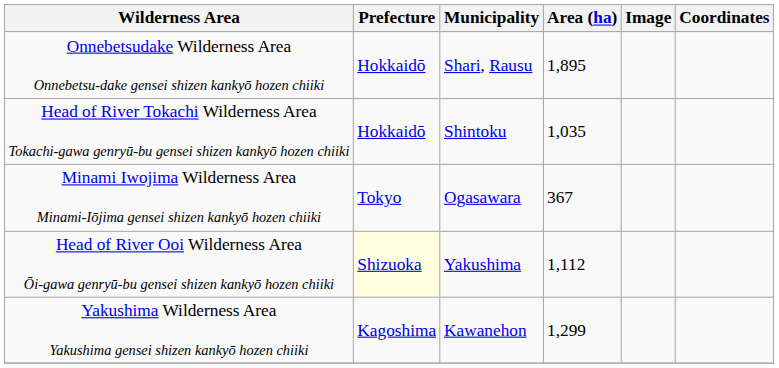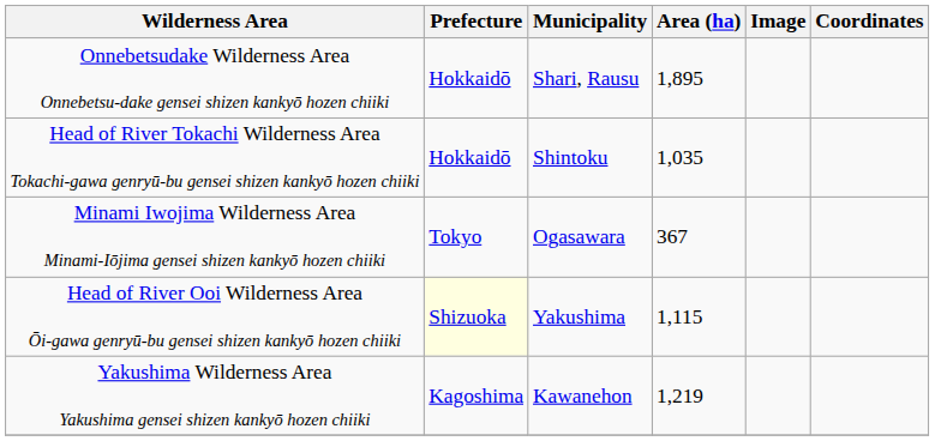 <table class="wikitable sortable">
 <tr>
 <th>Wilderness Area</th>
 <th>Prefecture</th>
 <th>Municipality</th>
 <th>Area (<a href='#'>ha</a>)</th>
 <th class="unsortable">Image</th>
 <th class="unsortable">Coordinates</th>
 </tr>
 <tr>
 <td align="center"><a href='#'>Onnebetsudake</a> Wilderness Area<br><br><small><em>Onnebetsu-dake gensei shizen kankyō hozen chiiki</em></small></td>
 <td><a href='#'>Hokkaidō</a></td>
 <td><a href='#'>Shari</a>, <a href='#'>Rausu</a></td>
 <td>1,895</td>
 <td></td>
 <td></td>
 </tr>
 <tr>
 <td align="center"><a href='#'>Head of River Tokachi</a> Wilderness Area<br><br><small><em>Tokachi-gawa genryū-bu gensei shizen kankyō hozen chiiki</em></small></td>
 <td><a href='#'>Hokkaidō</a></td>
 <td><a href='#'>Shintoku</a></td>
 <td>1,035</td>
 <td></td>
 <td></td>
 </tr>
 <tr>
 <td align="center"><a href='#'>Minami Iwojima</a> Wilderness Area<br><br><small><em>Minami-Iōjima gensei shizen kankyō hozen chiiki</em></small></td>
 <td><a href='#'>Tokyo</a></td>
 <td><a href='#'>Ogasawara</a></td>
 <td>367</td>
 <td></td>
 <td></td>
 </tr>
 <tr>
 <td align="center"><a href='#'>Head of River Ooi</a> Wilderness Area<br><br><small><em>Ōi-gawa genryū-bu gensei shizen kankyō hozen chiiki</em></small></td>
 <td style="background: lightyellow;"><a href='#'>Shizuoka</a></td>
 <td><a href='#'>Yakushima</a></td>
-<td>1,112</td>
+<td>1,115</td>
 <td></td>
 <td></td>
 </tr>
 <tr>
 <td align="center"><a href='#'>Yakushima</a> Wilderness Area<br><br><small><em>Yakushima gensei shizen kankyō hozen chiiki</em></small></td>
 <td><a href='#'>Kagoshima</a></td>
 <td><a href='#'>Kawanehon</a></td>
-<td>1,299</td>
+<td>1,219</td>
 <td></td>
 <td></td>
 </tr>
 <tr>
 </tr>
 </table>
